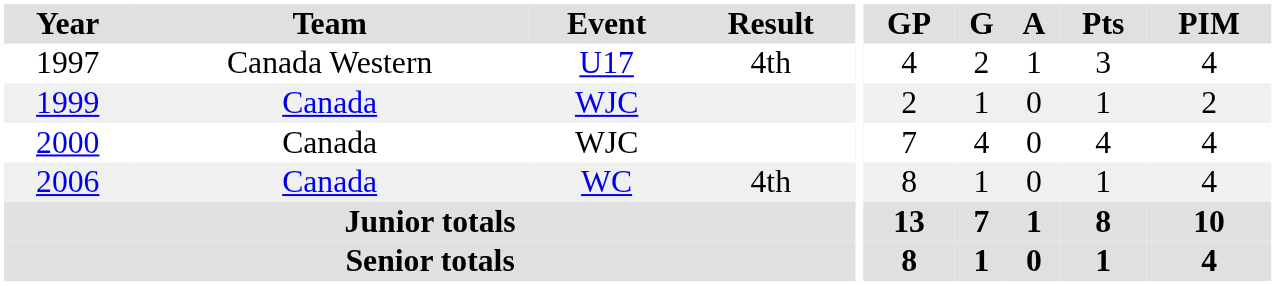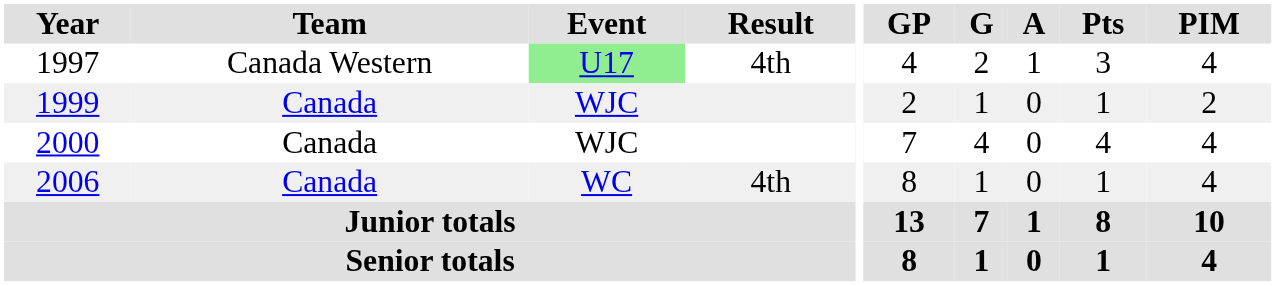 <table border="0" cellpadding="1" cellspacing="0" ID="Table3" style="text-align:center; width:40em">
 <tr ALIGN="center" bgcolor="#e0e0e0">
 <th>Year</th>
 <th>Team</th>
 <th>Event</th>
 <th>Result</th>
 <th rowspan="99" bgcolor="#ffffff"></th>
 <th>GP</th>
 <th>G</th>
 <th>A</th>
 <th>Pts</th>
 <th>PIM</th>
 </tr>
 <tr>
 <td>1997</td>
 <td>Canada Western</td>
-<td><a href='#'>U17</a></td>
+<td style="background: lightgreen;"><a href='#'>U17</a></td>
 <td>4th</td>
 <td>4</td>
 <td>2</td>
 <td>1</td>
 <td>3</td>
 <td>4</td>
 </tr>
 <tr bgcolor="#f0f0f0">
 <td><a href='#'>1999</a></td>
 <td><a href='#'>Canada</a></td>
 <td><a href='#'>WJC</a></td>
 <td></td>
 <td>2</td>
 <td>1</td>
 <td>0</td>
 <td>1</td>
 <td>2</td>
 </tr>
 <tr>
 <td><a href='#'>2000</a></td>
 <td>Canada</td>
 <td>WJC</td>
 <td></td>
 <td>7</td>
 <td>4</td>
 <td>0</td>
 <td>4</td>
 <td>4</td>
 </tr>
 <tr bgcolor="#f0f0f0">
 <td><a href='#'>2006</a></td>
 <td><a href='#'>Canada</a></td>
 <td><a href='#'>WC</a></td>
 <td>4th</td>
 <td>8</td>
 <td>1</td>
 <td>0</td>
 <td>1</td>
 <td>4</td>
 </tr>
 <tr bgcolor="#e0e0e0">
 <th colspan="4">Junior totals</th>
 <th>13</th>
 <th>7</th>
 <th>1</th>
 <th>8</th>
 <th>10</th>
 </tr>
 <tr bgcolor="#e0e0e0">
 <th colspan="4">Senior totals</th>
 <th>8</th>
 <th>1</th>
 <th>0</th>
 <th>1</th>
 <th>4</th>
 </tr>
 </table>
